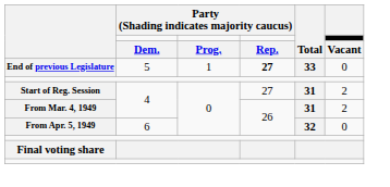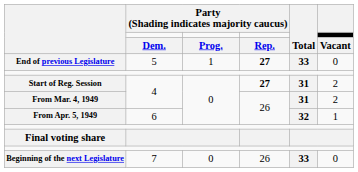 <table class=wikitable style="text-align:center">
 <tr style="vertical-align:bottom;">
 <th rowspan=3></th>
 <th colspan=3>Party <div>(Shading indicates majority caucus)</div></th>
 <th rowspan=3>Total</th>
 <th></th>
 </tr>
 <tr style="height:5px">
 <td style="background-color:"></td>
 <td style="background-color:"></td>
 <td style="background-color:"></td>
 <td style="background:black;"></td>
 </tr>
 <tr>
 <th><a href='#'>Dem.</a></th>
 <th><a href='#'>Prog.</a></th>
 <th><a href='#'>Rep.</a></th>
 <th>Vacant</th>
 </tr>
 <tr>
 <th style="font-size:80%;">End of <a href='#'>previous Legislature</a></th>
 <td>5</td>
 <td>1</td>
 <td><strong>27</strong></td>
 <th>33</th>
 <td>0</td>
 </tr>
 <tr>
 <td colspan=6></td>
 </tr>
 <tr>
 <th style="font-size:80%;">Start of Reg. Session</th>
 <td rowspan="2">4</td>
 <td rowspan="3">0</td>
-<td>27</td>
+<td><strong>27</strong></td>
 <th>31</th>
 <td>2</td>
 </tr>
 <tr>
 <th style="font-size:80%;">From Mar. 4, 1949</th>
 <td rowspan="2" >26</td>
 <th>31</th>
 <td>2</td>
 </tr>
 <tr>
 <th style="font-size:80%;">From Apr. 5, 1949</th>
 <td>6</td>
 <th>32</th>
-<td>0</td>
+<td>1</td>
 </tr>
 <tr>
 <td colspan=6></td>
 </tr>
 <tr>
 <th>Final voting share</th>
 <th colspan="2"></th>
 <th></th>
 <th colspan=2></th>
 </tr>
 <tr>
 <td colspan=6></td>
 </tr>
+<tr>
+<th style="font-size:80%;">Beginning of the <a href='#'>next Legislature</a></th>
+<td>7</td>
+<td>0</td>
+<td>26</td>
+<th>33</th>
+<td>0</td>
+</tr>
 </table>
